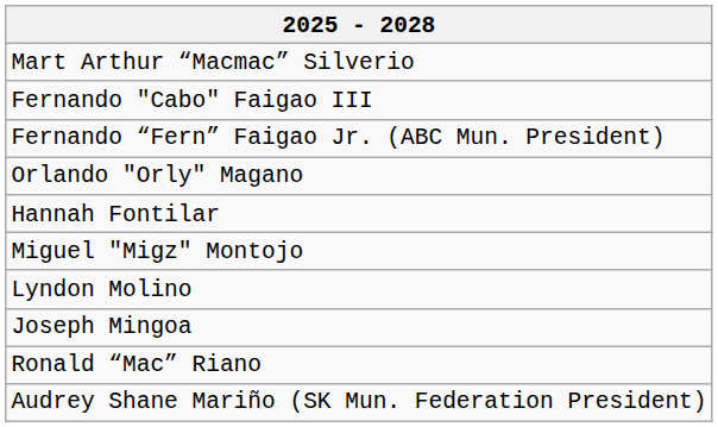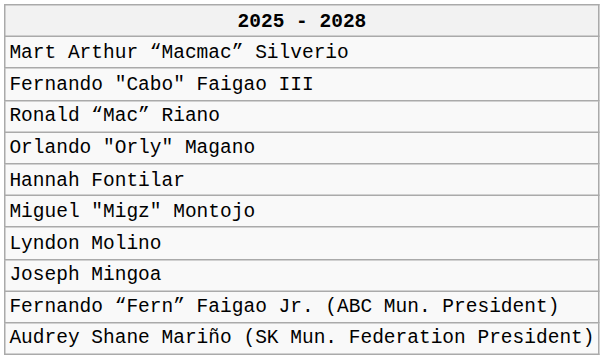 <table class="wikitable">
 <tr>
 <th>2025 - 2028</th>
 </tr>
 <tr>
 <td>Mart Arthur “Macmac” Silverio</td>
 </tr>
 <tr>
 <td>Fernando "Cabo" Faigao III</td>
 </tr>
 <tr>
-<td>Fernando “Fern” Faigao Jr. (ABC Mun. President)</td>
+<td>Ronald “Mac” Riano</td>
 </tr>
 <tr>
 <td>Orlando "Orly" Magano</td>
 </tr>
 <tr>
 <td>Hannah Fontilar</td>
 </tr>
 <tr>
 <td>Miguel "Migz" Montojo</td>
 </tr>
 <tr>
 <td>Lyndon Molino</td>
 </tr>
 <tr>
 <td>Joseph Mingoa</td>
 </tr>
 <tr>
-<td>Ronald “Mac” Riano</td>
+<td>Fernando “Fern” Faigao Jr. (ABC Mun. President)</td>
 </tr>
 <tr>
 <td>Audrey Shane Mariño (SK Mun. Federation President)</td>
 </tr>
 </table>
